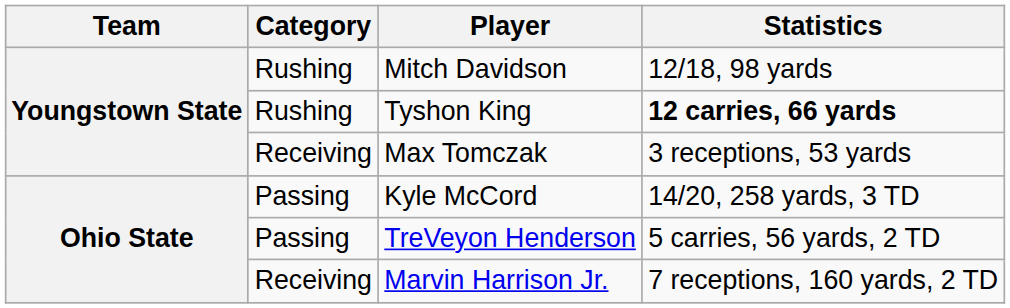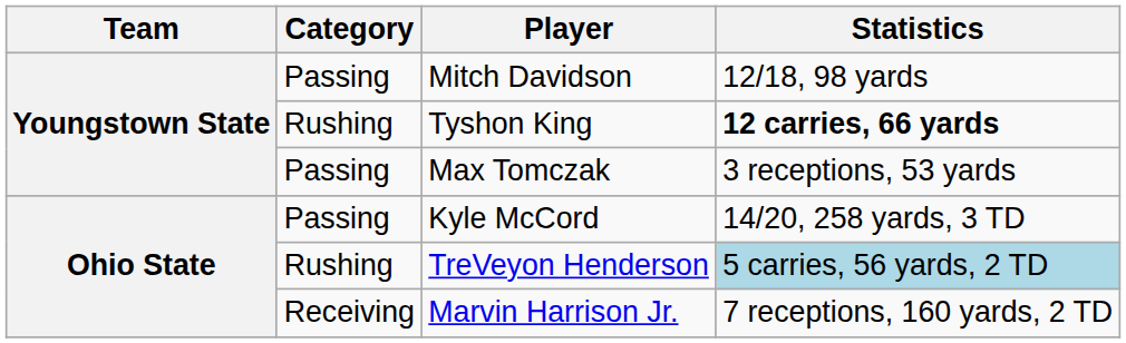 <table class="wikitable" style="float:right">
 <tr>
 <th>Team</th>
 <th>Category</th>
 <th>Player</th>
 <th>Statistics</th>
 </tr>
 <tr>
 <th rowspan=3>Youngstown State</th>
-<td>Rushing</td>
+<td>Passing</td>
 <td>Mitch Davidson</td>
 <td>12/18, 98 yards</td>
 </tr>
 <tr>
 <td>Rushing</td>
 <td>Tyshon King</td>
 <td><strong>12 carries, 66 yards</strong></td>
 </tr>
 <tr>
-<td>Receiving</td>
+<td>Passing</td>
 <td>Max Tomczak</td>
 <td>3 receptions, 53 yards</td>
 </tr>
 <tr>
 <th rowspan=3>Ohio State</th>
 <td>Passing</td>
 <td>Kyle McCord</td>
 <td>14/20, 258 yards, 3 TD</td>
 </tr>
 <tr>
-<td>Passing</td>
+<td>Rushing</td>
 <td><a href='#'>TreVeyon Henderson</a></td>
-<td>5 carries, 56 yards, 2 TD</td>
+<td style="background: lightblue;">5 carries, 56 yards, 2 TD</td>
 </tr>
 <tr>
 <td>Receiving</td>
 <td><a href='#'>Marvin Harrison Jr.</a></td>
 <td>7 receptions, 160 yards, 2 TD</td>
 </tr>
 </table>
